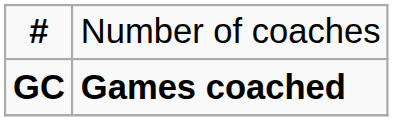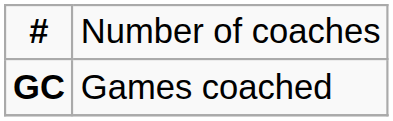 <table class="wikitable">
 <tr>
 <td align="center"><strong>#</strong></td>
 <td>Number of coaches</td>
 </tr>
 <tr>
 <td><strong>GC</strong></td>
-<td><strong>Games coached</strong></td>
+<td>Games coached</td>
 </tr>
 <tr>
 </tr>
 </table>
